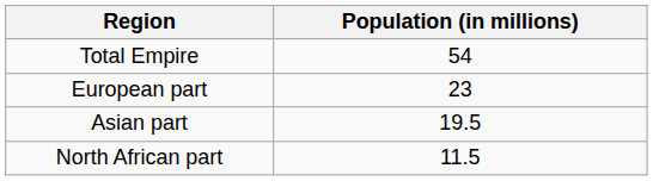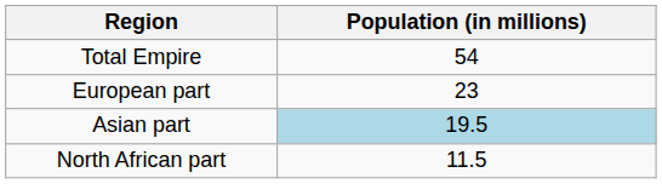 <table class="wikitable" style="margin:1em auto; text-align:center; width:30em">
 <tr>
 <th>Region</th>
 <th>Population (in millions)</th>
 </tr>
 <tr>
 <td>Total Empire</td>
 <td>54</td>
 </tr>
 <tr>
 <td>European part</td>
 <td>23</td>
 </tr>
 <tr>
 <td>Asian part</td>
-<td>19.5</td>
+<td style="background: lightblue;">19.5</td>
 </tr>
 <tr>
 <td>North African part</td>
 <td>11.5</td>
 </tr>
 </table>
